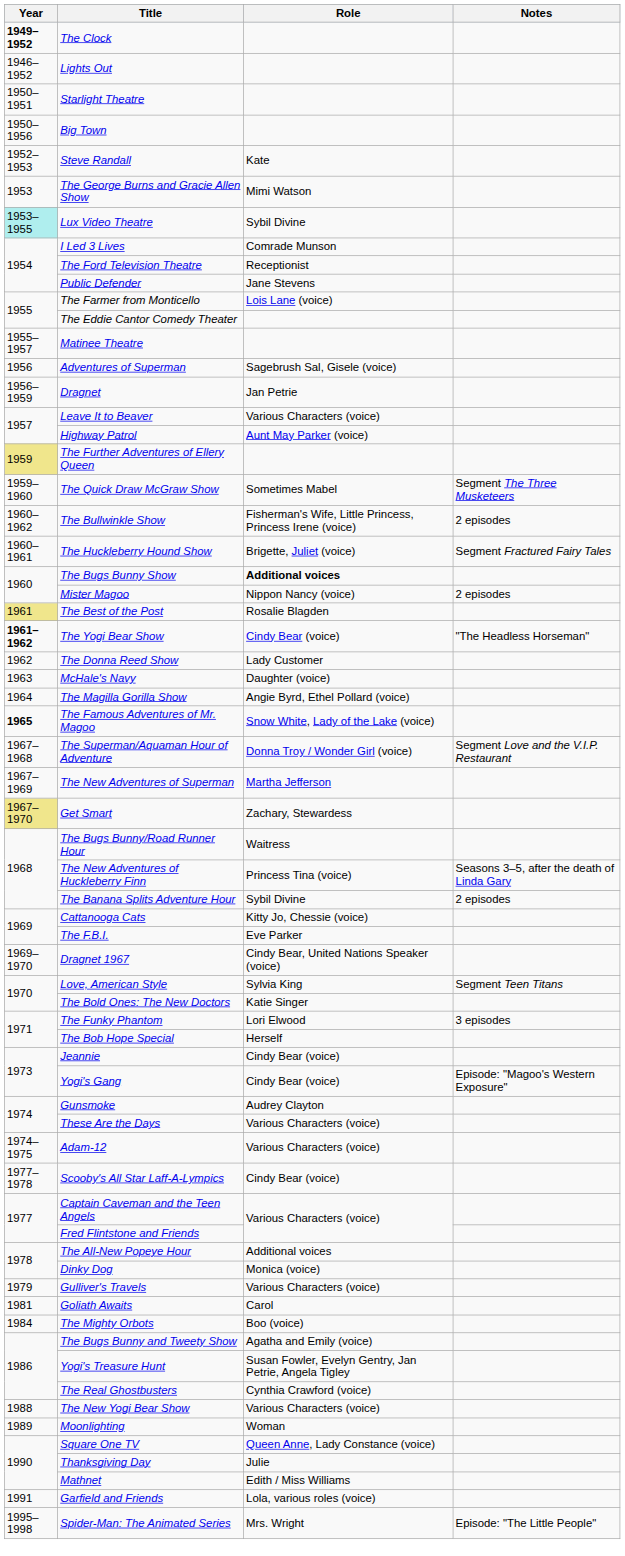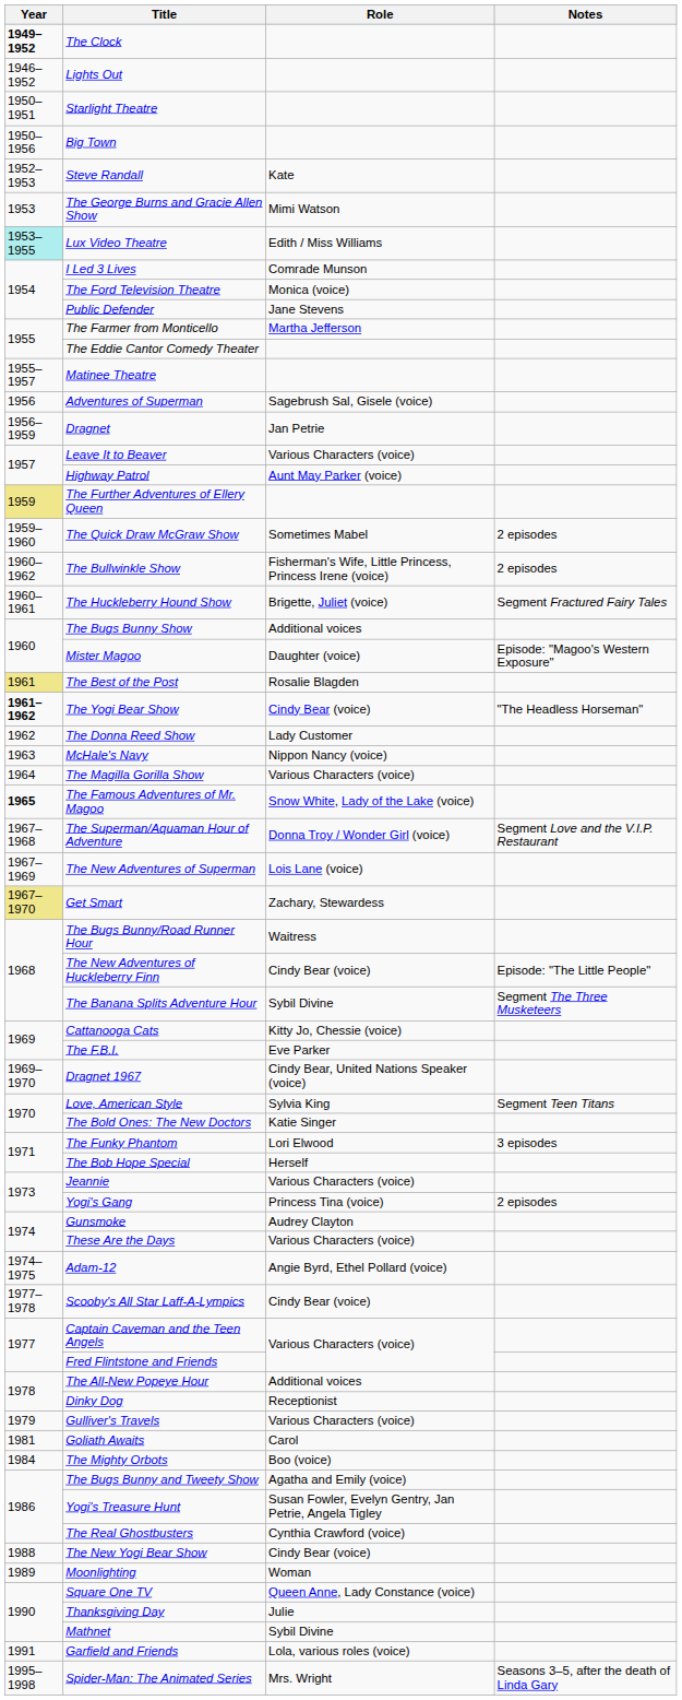 <table class="wikitable">
 <tr style="background:#b0c4de; text-aligb:center;">
 <th>Year</th>
 <th>Title</th>
 <th>Role</th>
 <th>Notes</th>
 </tr>
 <tr>
 <td><strong>1949–1952</strong></td>
 <td><em><a href='#'>The Clock</a></em></td>
 <td></td>
 <td></td>
 </tr>
 <tr>
 <td>1946–1952</td>
 <td><em><a href='#'>Lights Out</a></em></td>
 <td></td>
 <td></td>
 </tr>
 <tr>
 <td>1950–1951</td>
 <td><em><a href='#'>Starlight Theatre</a></em></td>
 <td></td>
 <td></td>
 </tr>
 <tr>
 <td>1950–1956</td>
 <td><em><a href='#'>Big Town</a></em></td>
 <td></td>
 <td></td>
 </tr>
 <tr>
 <td>1952–1953</td>
 <td><em><a href='#'>Steve Randall</a></em></td>
 <td>Kate</td>
 <td></td>
 </tr>
 <tr>
 <td>1953</td>
 <td><em><a href='#'>The George Burns and Gracie Allen Show</a></em></td>
 <td>Mimi Watson</td>
 <td></td>
 </tr>
 <tr>
 <td style="background: paleturquoise;">1953–1955</td>
 <td><em><a href='#'>Lux Video Theatre</a></em></td>
-<td>Sybil Divine</td>
+<td>Edith / Miss Williams</td>
 <td></td>
 </tr>
 <tr>
 <td rowspan="3">1954</td>
 <td><em><a href='#'>I Led 3 Lives</a></em></td>
 <td>Comrade Munson</td>
 <td></td>
 </tr>
 <tr>
 <td><em><a href='#'>The Ford Television Theatre</a></em></td>
-<td>Receptionist</td>
+<td>Monica (voice)</td>
 <td></td>
 </tr>
 <tr>
 <td><em><a href='#'>Public Defender</a></em></td>
 <td>Jane Stevens</td>
 <td></td>
 </tr>
 <tr>
 <td rowspan="2">1955</td>
 <td><em>The Farmer from Monticello</em></td>
-<td><a href='#'>Lois Lane</a> (voice)</td>
+<td><a href='#'>Martha Jefferson</a></td>
 <td></td>
 </tr>
 <tr>
 <td><em>The Eddie Cantor Comedy Theater</em></td>
 <td></td>
 <td></td>
 </tr>
 <tr>
 <td>1955–1957</td>
 <td><em><a href='#'>Matinee Theatre</a></em></td>
 <td></td>
 <td></td>
 </tr>
 <tr>
 <td>1956</td>
 <td><em><a href='#'>Adventures of Superman</a></em></td>
 <td>Sagebrush Sal, Gisele (voice)</td>
 <td></td>
 </tr>
 <tr>
 <td>1956–1959</td>
 <td><em><a href='#'>Dragnet</a></em></td>
 <td>Jan Petrie</td>
 <td></td>
 </tr>
 <tr>
 <td rowspan="2">1957</td>
 <td><em><a href='#'>Leave It to Beaver</a></em></td>
 <td>Various Characters (voice)</td>
 <td></td>
 </tr>
 <tr>
 <td><em><a href='#'>Highway Patrol</a></em></td>
 <td><a href='#'>Aunt May Parker</a> (voice)</td>
 <td></td>
 </tr>
 <tr>
 <td style="background: khaki;">1959</td>
 <td><em><a href='#'>The Further Adventures of Ellery Queen</a></em></td>
 <td></td>
 <td></td>
 </tr>
 <tr>
 <td>1959–1960</td>
 <td><em><a href='#'>The Quick Draw McGraw Show</a></em></td>
 <td>Sometimes Mabel</td>
-<td>Segment <em><a href='#'>The Three Musketeers</a></em></td>
+<td>2 episodes</td>
 </tr>
 <tr>
 <td>1960–1962</td>
 <td><em><a href='#'>The Bullwinkle Show</a></em></td>
 <td>Fisherman's Wife, Little Princess, Princess Irene (voice)</td>
 <td>2 episodes</td>
 </tr>
 <tr>
 <td>1960–1961</td>
 <td><em><a href='#'>The Huckleberry Hound Show</a></em></td>
 <td>Brigette, <a href='#'>Juliet</a> (voice)</td>
 <td>Segment <em>Fractured Fairy Tales</em></td>
 </tr>
 <tr>
 <td rowspan="2">1960</td>
 <td><em><a href='#'>The Bugs Bunny Show</a></em></td>
-<td><strong>Additional voices</strong></td>
+<td>Additional voices</td>
 <td></td>
 </tr>
 <tr>
 <td><em><a href='#'>Mister Magoo</a></em></td>
-<td>Nippon Nancy (voice)</td>
-<td>2 episodes</td>
+<td>Daughter (voice)</td>
+<td>Episode: "Magoo's Western Exposure"</td>
 </tr>
 <tr>
 <td style="background: khaki;">1961</td>
 <td><em><a href='#'>The Best of the Post</a></em></td>
 <td>Rosalie Blagden</td>
 <td></td>
 </tr>
 <tr>
 <td><strong>1961–1962</strong></td>
 <td><em><a href='#'>The Yogi Bear Show</a></em></td>
 <td><a href='#'>Cindy Bear</a> (voice)</td>
 <td>"The Headless Horseman"</td>
 </tr>
 <tr>
 <td>1962</td>
 <td><em><a href='#'>The Donna Reed Show</a></em></td>
 <td>Lady Customer</td>
 <td></td>
 </tr>
 <tr>
 <td>1963</td>
 <td><em><a href='#'>McHale's Navy</a></em></td>
-<td>Daughter (voice)</td>
+<td>Nippon Nancy (voice)</td>
 <td></td>
 </tr>
 <tr>
 <td>1964</td>
 <td><em><a href='#'>The Magilla Gorilla Show</a></em></td>
-<td>Angie Byrd, Ethel Pollard (voice)</td>
+<td>Various Characters (voice)</td>
 <td></td>
 </tr>
 <tr>
 <td><strong>1965</strong></td>
 <td><em><a href='#'>The Famous Adventures of Mr. Magoo</a></em></td>
 <td><a href='#'>Snow White</a>, <a href='#'>Lady of the Lake</a> (voice)</td>
 <td></td>
 </tr>
 <tr>
 <td>1967–1968</td>
 <td><em><a href='#'>The Superman/Aquaman Hour of Adventure</a></em></td>
 <td><a href='#'>Donna Troy / Wonder Girl</a> (voice)</td>
 <td>Segment <em>Love and the V.I.P. Restaurant</em></td>
 </tr>
 <tr>
 <td>1967–1969</td>
 <td><em><a href='#'>The New Adventures of Superman</a></em></td>
-<td><a href='#'>Martha Jefferson</a></td>
+<td><a href='#'>Lois Lane</a> (voice)</td>
 <td></td>
 </tr>
 <tr>
 <td style="background: khaki;">1967–1970</td>
 <td><em><a href='#'>Get Smart</a></em></td>
 <td>Zachary, Stewardess</td>
 <td></td>
 </tr>
 <tr>
 <td rowspan="3">1968</td>
 <td><em><a href='#'>The Bugs Bunny/Road Runner Hour</a></em></td>
 <td>Waitress</td>
 <td></td>
 </tr>
 <tr>
 <td><em><a href='#'>The New Adventures of Huckleberry Finn</a></em></td>
-<td>Princess Tina (voice)</td>
-<td>Seasons 3–5, after the death of <a href='#'>Linda Gary</a></td>
+<td>Cindy Bear (voice)</td>
+<td>Episode: "The Little People"</td>
 </tr>
 <tr>
 <td><em><a href='#'>The Banana Splits Adventure Hour</a></em></td>
 <td>Sybil Divine</td>
-<td>2 episodes</td>
+<td>Segment <em><a href='#'>The Three Musketeers</a></em></td>
 </tr>
 <tr>
 <td rowspan="2">1969</td>
 <td><em><a href='#'>Cattanooga Cats</a></em></td>
 <td>Kitty Jo, Chessie (voice)</td>
 <td></td>
 </tr>
 <tr>
 <td><em><a href='#'>The F.B.I.</a></em></td>
 <td>Eve Parker</td>
 <td></td>
 </tr>
 <tr>
 <td>1969–1970</td>
 <td><em><a href='#'>Dragnet 1967</a></em></td>
 <td>Cindy Bear, United Nations Speaker (voice)</td>
 <td></td>
 </tr>
 <tr>
 <td rowspan="2">1970</td>
 <td><em><a href='#'>Love, American Style</a></em></td>
 <td>Sylvia King</td>
 <td>Segment <em>Teen Titans</em></td>
 </tr>
 <tr>
 <td><em><a href='#'>The Bold Ones: The New Doctors</a></em></td>
 <td>Katie Singer</td>
 <td></td>
 </tr>
 <tr>
 <td rowspan="2">1971</td>
 <td><em><a href='#'>The Funky Phantom</a></em></td>
 <td>Lori Elwood</td>
 <td>3 episodes</td>
 </tr>
 <tr>
 <td><em><a href='#'>The Bob Hope Special</a></em></td>
 <td>Herself</td>
 <td></td>
 </tr>
 <tr>
 <td rowspan="2">1973</td>
 <td><em><a href='#'>Jeannie</a></em></td>
-<td>Cindy Bear (voice)</td>
+<td>Various Characters (voice)</td>
 <td></td>
 </tr>
 <tr>
 <td><em><a href='#'>Yogi's Gang</a></em></td>
-<td>Cindy Bear (voice)</td>
-<td>Episode: "Magoo's Western Exposure"</td>
+<td>Princess Tina (voice)</td>
+<td>2 episodes</td>
 </tr>
 <tr>
 <td rowspan="2">1974</td>
 <td><em><a href='#'>Gunsmoke</a></em></td>
 <td>Audrey Clayton</td>
 <td></td>
 </tr>
 <tr>
 <td><em><a href='#'>These Are the Days</a></em></td>
 <td>Various Characters (voice)</td>
 <td></td>
 </tr>
 <tr>
 <td>1974–1975</td>
 <td><em><a href='#'>Adam-12</a></em></td>
-<td>Various Characters (voice)</td>
+<td>Angie Byrd, Ethel Pollard (voice)</td>
 <td></td>
 </tr>
 <tr>
 <td>1977–1978</td>
 <td><em><a href='#'>Scooby's All Star Laff-A-Lympics</a></em></td>
 <td>Cindy Bear (voice)</td>
 <td></td>
 </tr>
 <tr>
 <td rowspan="2">1977</td>
 <td><em><a href='#'>Captain Caveman and the Teen Angels</a></em></td>
 <td rowspan="2">Various Characters (voice)</td>
 <td></td>
 </tr>
 <tr>
 <td><em><a href='#'>Fred Flintstone and Friends</a></em></td>
 <td></td>
 </tr>
 <tr>
 <td rowspan="2">1978</td>
 <td><em><a href='#'>The All-New Popeye Hour</a></em></td>
 <td>Additional voices</td>
 <td></td>
 </tr>
 <tr>
 <td><em><a href='#'>Dinky Dog</a></em></td>
-<td>Monica (voice)</td>
+<td>Receptionist</td>
 <td></td>
 </tr>
 <tr>
 <td>1979</td>
 <td><em><a href='#'>Gulliver's Travels</a></em></td>
 <td>Various Characters (voice)</td>
 <td></td>
 </tr>
 <tr>
 <td>1981</td>
 <td><em><a href='#'>Goliath Awaits</a></em></td>
 <td>Carol</td>
 <td></td>
 </tr>
 <tr>
 <td>1984</td>
 <td><em><a href='#'>The Mighty Orbots</a></em></td>
 <td>Boo (voice)</td>
 <td></td>
 </tr>
 <tr>
 <td rowspan="3">1986</td>
 <td><em><a href='#'>The Bugs Bunny and Tweety Show</a></em></td>
 <td>Agatha and Emily (voice)</td>
 <td></td>
 </tr>
 <tr>
 <td><em><a href='#'>Yogi's Treasure Hunt</a></em></td>
 <td>Susan Fowler, Evelyn Gentry, Jan Petrie, Angela Tigley</td>
 <td></td>
 </tr>
 <tr>
 <td><em><a href='#'>The Real Ghostbusters</a></em></td>
 <td>Cynthia Crawford (voice)</td>
 <td></td>
 </tr>
 <tr>
 <td>1988</td>
 <td><em><a href='#'>The New Yogi Bear Show</a></em></td>
-<td>Various Characters (voice)</td>
+<td>Cindy Bear (voice)</td>
 <td></td>
 </tr>
 <tr>
 <td>1989</td>
 <td><em><a href='#'>Moonlighting</a></em></td>
 <td>Woman</td>
 <td></td>
 </tr>
 <tr>
 <td rowspan="3">1990</td>
 <td><em><a href='#'>Square One TV</a></em></td>
 <td><a href='#'>Queen Anne</a>, Lady Constance (voice)</td>
 <td></td>
 </tr>
 <tr>
 <td><em><a href='#'>Thanksgiving Day</a></em></td>
 <td>Julie</td>
 <td></td>
 </tr>
 <tr>
 <td><em><a href='#'>Mathnet</a></em></td>
-<td>Edith / Miss Williams</td>
+<td>Sybil Divine</td>
 <td></td>
 </tr>
 <tr>
 <td>1991</td>
 <td><em><a href='#'>Garfield and Friends</a></em></td>
 <td>Lola, various roles (voice)</td>
 <td></td>
 </tr>
 <tr>
 <td>1995–1998</td>
 <td><em><a href='#'>Spider-Man: The Animated Series</a></em></td>
 <td>Mrs. Wright</td>
-<td>Episode: "The Little People"</td>
+<td>Seasons 3–5, after the death of <a href='#'>Linda Gary</a></td>
 </tr>
 </table>
